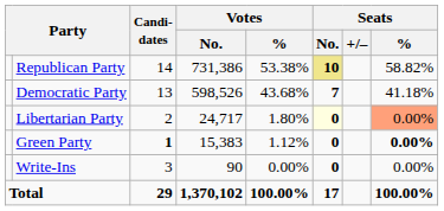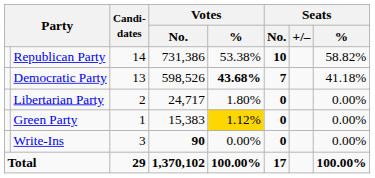 <table class="wikitable" style="font-size:100%; text-align:right;">
 <tr>
 <th colspan=2 rowspan=2>Party</th>
 <th rowspan=2><small>Candi-<br>dates</small></th>
 <th colspan=2>Votes</th>
 <th colspan=3>Seats</th>
 </tr>
 <tr>
 <th>No.</th>
 <th>%</th>
 <th>No.</th>
 <th>+/–</th>
 <th>%</th>
 </tr>
 <tr>
 <td style="background:"></td>
 <td align=left><a href='#'>Republican Party</a></td>
 <td>14</td>
 <td>731,386</td>
 <td>53.38%</td>
-<td style="background: khaki;"><strong>10</strong></td>
+<td><strong>10</strong></td>
 <td></td>
 <td>58.82%</td>
 </tr>
 <tr>
 <td style="background:"></td>
 <td align=left><a href='#'>Democratic Party</a></td>
 <td>13</td>
 <td>598,526</td>
-<td>43.68%</td>
+<td><strong>43.68%</strong></td>
 <td><strong>7</strong></td>
 <td></td>
 <td>41.18%</td>
 </tr>
 <tr>
 <td style="background:"></td>
 <td align=left><a href='#'>Libertarian Party</a></td>
 <td>2</td>
 <td>24,717</td>
 <td>1.80%</td>
-<td style="background: lightyellow;"><strong>0</strong></td>
+<td><strong>0</strong></td>
 <td></td>
-<td style="background: lightsalmon;">0.00%</td>
+<td>0.00%</td>
 </tr>
 <tr>
 <td style="background:"></td>
 <td align=left><a href='#'>Green Party</a></td>
-<td><strong>1</strong></td>
+<td>1</td>
 <td>15,383</td>
-<td>1.12%</td>
+<td style="background: gold;">1.12%</td>
 <td><strong>0</strong></td>
 <td></td>
-<td><strong>0.00%</strong></td>
+<td>0.00%</td>
 </tr>
 <tr>
 <td style="background:"></td>
 <td align=left><a href='#'>Write-Ins</a></td>
 <td>3</td>
-<td>90</td>
+<td><strong>90</strong></td>
 <td>0.00%</td>
 <td><strong>0</strong></td>
 <td></td>
 <td>0.00%</td>
 </tr>
 <tr style="font-weight:bold">
 <td colspan=2 align=left>Total</td>
 <td>29</td>
 <td>1,370,102</td>
 <td>100.00%</td>
 <td>17</td>
 <td></td>
 <td>100.00%</td>
 </tr>
 </table>
